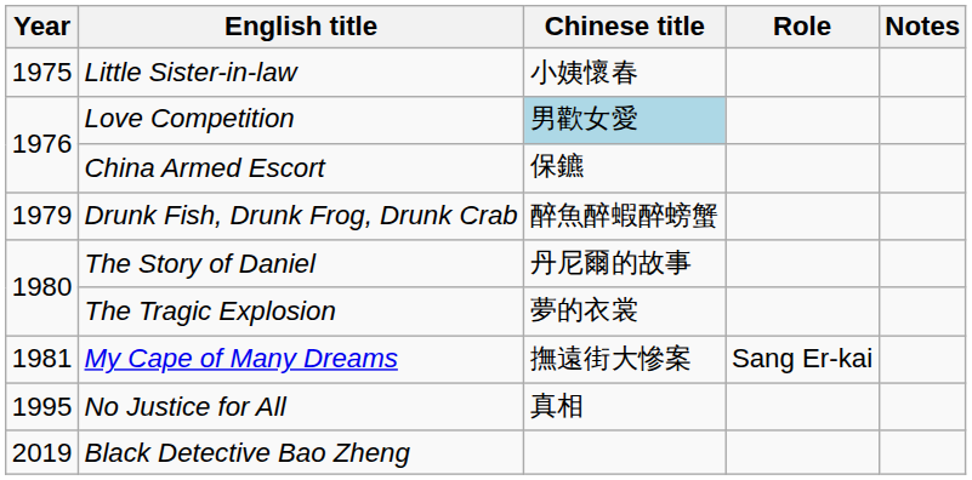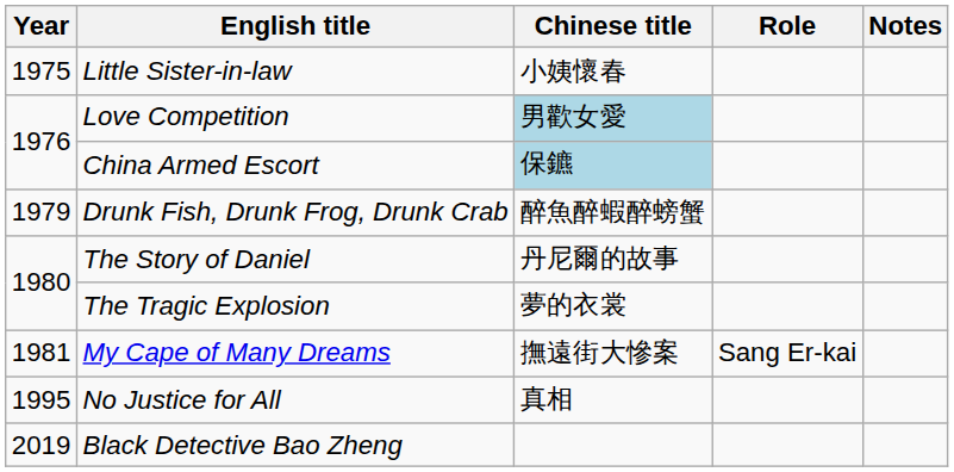 <table class="wikitable sortable">
 <tr>
 <th>Year</th>
 <th>English title</th>
 <th>Chinese title</th>
 <th>Role</th>
 <th class="unsortable">Notes</th>
 </tr>
 <tr>
 <td>1975</td>
 <td><em>Little Sister-in-law</em></td>
 <td>小姨懷春</td>
 <td></td>
 <td></td>
 </tr>
 <tr>
 <td rowspan=2>1976</td>
 <td><em>Love Competition</em></td>
 <td style="background: lightblue;">男歡女愛</td>
 <td></td>
 <td></td>
 </tr>
 <tr>
 <td><em>China Armed Escort</em></td>
-<td>保鑣</td>
+<td style="background: lightblue;">保鑣</td>
 <td></td>
 <td></td>
 </tr>
 <tr>
 <td>1979</td>
 <td><em>Drunk Fish, Drunk Frog, Drunk Crab</em></td>
 <td>醉魚醉蝦醉螃蟹</td>
 <td></td>
 <td></td>
 </tr>
 <tr>
 <td rowspan=2>1980</td>
 <td><em>The Story of Daniel</em></td>
 <td>丹尼爾的故事</td>
 <td></td>
 <td></td>
 </tr>
 <tr>
 <td><em>The Tragic Explosion</em></td>
 <td>夢的衣裳</td>
 <td></td>
 <td></td>
 </tr>
 <tr>
 <td>1981</td>
 <td><em><a href='#'>My Cape of Many Dreams</a></em></td>
 <td>撫遠街大慘案</td>
 <td>Sang Er-kai</td>
 <td></td>
 </tr>
 <tr>
 <td>1995</td>
 <td><em>No Justice for All</em></td>
 <td>真相</td>
 <td></td>
 <td></td>
 </tr>
 <tr>
 <td>2019</td>
 <td><em>Black Detective Bao Zheng</em></td>
 <td></td>
 <td></td>
 <td></td>
 </tr>
 </table>
